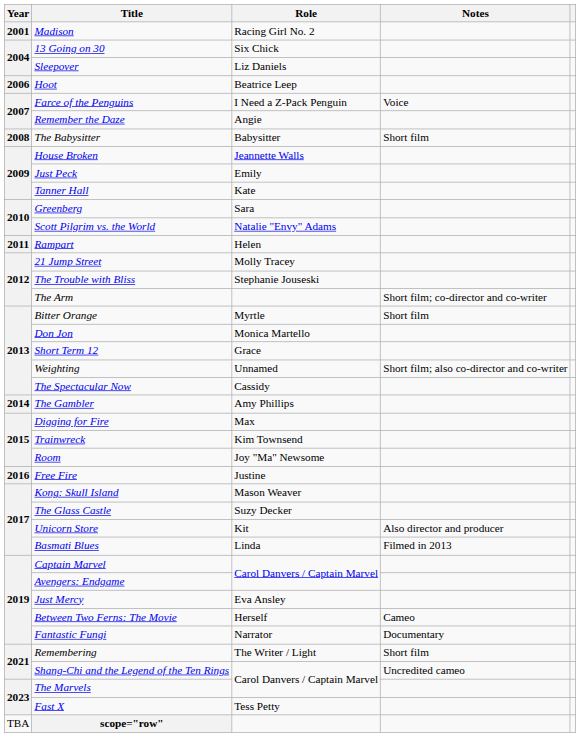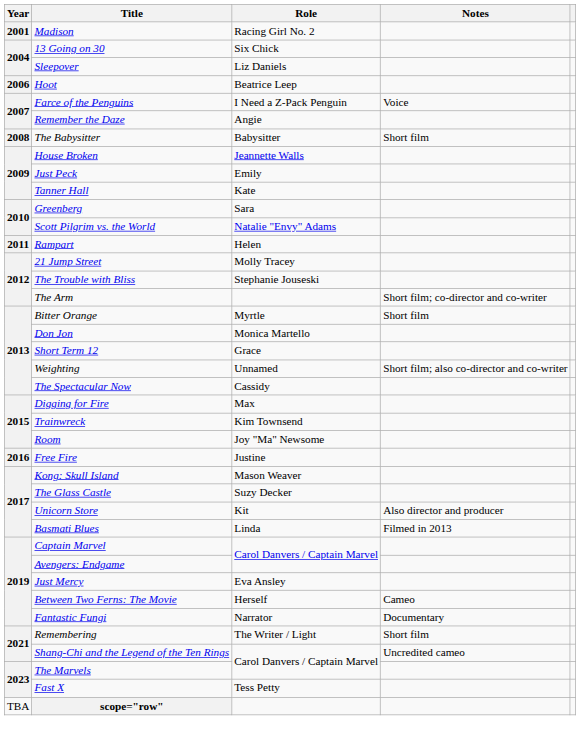 <table class="wikitable plainrowheaders sortable" style="margin-right: 0;">
 <tr>
 <th scope="col">Year</th>
 <th scope="col">Title</th>
 <th scope="col">Role</th>
 <th scope="col" class="unsortable">Notes</th>
 <th scope="col" class="unsortable"></th>
 </tr>
 <tr>
 <th scope="row">2001</th>
 <td><em><a href='#'>Madison</a></em></td>
 <td>Racing Girl No. 2</td>
 <td></td>
 <td></td>
 </tr>
 <tr>
 <th rowspan=2 scope="row">2004</th>
 <td><em><a href='#'>13 Going on 30</a></em></td>
 <td>Six Chick</td>
 <td></td>
 <td></td>
 </tr>
 <tr>
 <td><em><a href='#'>Sleepover</a></em></td>
 <td>Liz Daniels</td>
 <td></td>
 <td></td>
 </tr>
 <tr>
 <th scope="row">2006</th>
 <td><em><a href='#'>Hoot</a></em></td>
 <td>Beatrice Leep</td>
 <td></td>
 <td></td>
 </tr>
 <tr>
 <th rowspan=2 scope="row">2007</th>
 <td><em><a href='#'>Farce of the Penguins</a></em></td>
 <td>I Need a Z-Pack Penguin</td>
 <td>Voice</td>
 <td></td>
 </tr>
 <tr>
 <td><em><a href='#'>Remember the Daze</a></em></td>
 <td>Angie</td>
 <td></td>
 <td></td>
 </tr>
 <tr>
 <th scope="row">2008</th>
 <td><em>The Babysitter</em></td>
 <td>Babysitter</td>
 <td>Short film</td>
 <td></td>
 </tr>
 <tr>
 <th rowspan=3 scope="row">2009</th>
 <td><em><a href='#'>House Broken</a></em></td>
 <td><a href='#'>Jeannette Walls</a></td>
 <td></td>
 <td></td>
 </tr>
 <tr>
 <td><em><a href='#'>Just Peck</a></em></td>
 <td>Emily</td>
 <td></td>
 <td></td>
 </tr>
 <tr>
 <td><em><a href='#'>Tanner Hall</a></em></td>
 <td>Kate</td>
 <td></td>
 <td></td>
 </tr>
 <tr>
 <th rowspan=2 scope="row">2010</th>
 <td><em><a href='#'>Greenberg</a></em></td>
 <td>Sara</td>
 <td></td>
 <td></td>
 </tr>
 <tr>
 <td><em><a href='#'>Scott Pilgrim vs. the World</a></em></td>
 <td><a href='#'>Natalie "Envy" Adams</a></td>
 <td></td>
 <td></td>
 </tr>
 <tr>
 <th scope="row">2011</th>
 <td><em><a href='#'>Rampart</a></em></td>
 <td>Helen</td>
 <td></td>
 <td></td>
 </tr>
 <tr>
 <th rowspan=3 scope="row">2012</th>
 <td><em><a href='#'>21 Jump Street</a></em></td>
 <td>Molly Tracey</td>
 <td></td>
 <td></td>
 </tr>
 <tr>
 <td><em><a href='#'>The Trouble with Bliss</a></em></td>
 <td>Stephanie Jouseski</td>
 <td></td>
 <td></td>
 </tr>
 <tr>
 <td><em>The Arm</em></td>
 <td></td>
 <td>Short film; co-director and co-writer</td>
 <td></td>
 </tr>
 <tr>
 <th rowspan=5 scope="row">2013</th>
 <td><em>Bitter Orange</em></td>
 <td>Myrtle</td>
 <td>Short film</td>
 <td></td>
 </tr>
 <tr>
 <td><em><a href='#'>Don Jon</a></em></td>
 <td>Monica Martello</td>
 <td></td>
 <td></td>
 </tr>
 <tr>
 <td><em><a href='#'>Short Term 12</a></em></td>
 <td>Grace</td>
 <td></td>
 <td></td>
 </tr>
 <tr>
 <td><em>Weighting</em></td>
 <td>Unnamed</td>
 <td>Short film; also co-director and co-writer</td>
 <td></td>
 </tr>
 <tr>
 <td><em><a href='#'>The Spectacular Now</a></em></td>
 <td>Cassidy</td>
 <td></td>
 <td></td>
 </tr>
 <tr>
-<th scope="row">2014</th>
-<td><em><a href='#'>The Gambler</a></em></td>
-<td>Amy Phillips</td>
-<td></td>
-<td></td>
-</tr>
-<tr>
 <th rowspan=3 scope="row">2015</th>
 <td><em><a href='#'>Digging for Fire</a></em></td>
 <td>Max</td>
 <td></td>
 <td></td>
 </tr>
 <tr>
 <td><em><a href='#'>Trainwreck</a></em></td>
 <td>Kim Townsend</td>
 <td></td>
 <td></td>
 </tr>
 <tr>
 <td><em><a href='#'>Room</a></em></td>
 <td>Joy "Ma" Newsome</td>
 <td></td>
 <td></td>
 </tr>
 <tr>
 <th scope="row">2016</th>
 <td><em><a href='#'>Free Fire</a></em></td>
 <td>Justine</td>
 <td></td>
 <td></td>
 </tr>
 <tr>
 <th rowspan=4 scope="row">2017</th>
 <td><em><a href='#'>Kong: Skull Island</a></em></td>
 <td>Mason Weaver</td>
 <td></td>
 <td></td>
 </tr>
 <tr>
 <td><em><a href='#'>The Glass Castle</a></em></td>
 <td>Suzy Decker</td>
 <td></td>
 <td></td>
 </tr>
 <tr>
 <td><em><a href='#'>Unicorn Store</a></em></td>
 <td>Kit</td>
 <td>Also director and producer</td>
 <td></td>
 </tr>
 <tr>
 <td><em><a href='#'>Basmati Blues</a></em></td>
 <td>Linda</td>
 <td>Filmed in 2013</td>
 <td></td>
 </tr>
 <tr>
 <th rowspan=5 scope="row">2019</th>
 <td><em><a href='#'>Captain Marvel</a></em></td>
 <td rowspan=2><a href='#'>Carol Danvers / Captain Marvel</a></td>
 <td></td>
 <td></td>
 </tr>
 <tr>
 <td><em><a href='#'>Avengers: Endgame</a></em></td>
 <td></td>
 <td></td>
 </tr>
 <tr>
 <td><em><a href='#'>Just Mercy</a></em></td>
 <td>Eva Ansley</td>
 <td></td>
 <td></td>
 </tr>
 <tr>
 <td><em><a href='#'>Between Two Ferns: The Movie</a></em></td>
 <td>Herself</td>
 <td>Cameo</td>
 <td></td>
 </tr>
 <tr>
 <td><em><a href='#'>Fantastic Fungi</a></em></td>
 <td>Narrator</td>
 <td>Documentary</td>
 <td></td>
 </tr>
 <tr>
 <th rowspan=2 scope="row">2021</th>
 <td><em>Remembering</em></td>
 <td>The Writer / Light</td>
 <td>Short film</td>
 <td></td>
 </tr>
 <tr>
 <td><em><a href='#'>Shang-Chi and the Legend of the Ten Rings</a></em></td>
 <td rowspan="2">Carol Danvers / Captain Marvel</td>
 <td>Uncredited cameo</td>
 <td></td>
 </tr>
 <tr>
 <th rowspan="2" scope="row">2023</th>
 <td><em><a href='#'>The Marvels</a></em></td>
 <td></td>
 <td><br></td>
 </tr>
 <tr>
 <td><em><a href='#'>Fast X</a></em></td>
 <td>Tess Petty</td>
 <td></td>
 <td></td>
 </tr>
 <tr>
 <td>TBA</td>
 <th>scope="row" </th>
 <td></td>
 <td></td>
 <td></td>
 </tr>
 </table>
